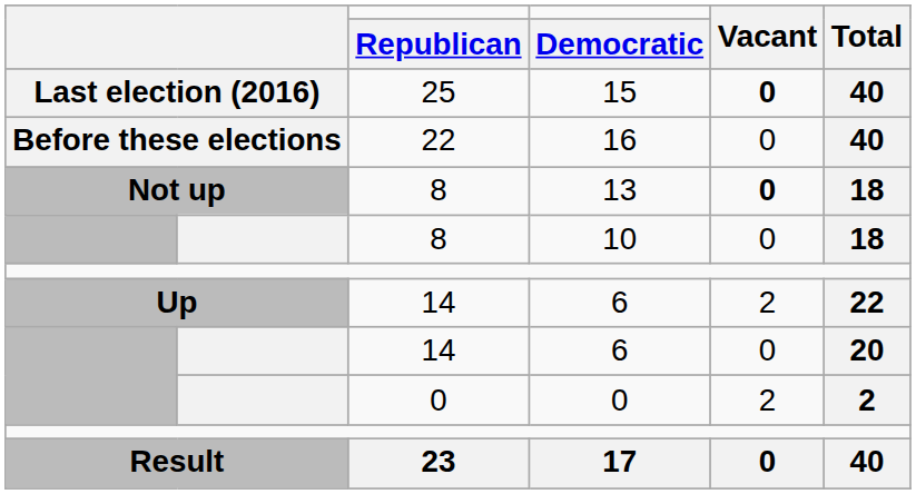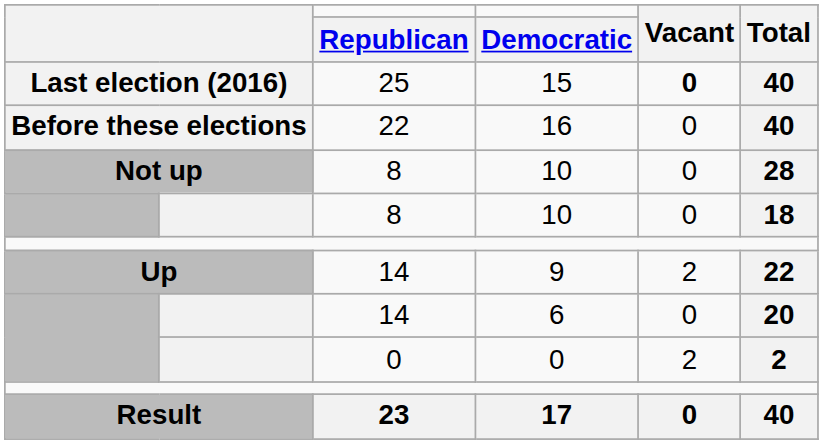 <table class="wikitable" style=text-align:center>
 <tr>
 <th colspan="2" rowspan="2"></th>
 <td style="background-color:"></td>
 <td style="background-color:"></td>
 <th rowspan="2">Vacant</th>
 <th rowspan="2">Total</th>
 </tr>
 <tr>
 <th><a href='#'>Republican</a></th>
 <th><a href='#'>Democratic</a></th>
 </tr>
 <tr>
 <th colspan="2">Last election (2016)</th>
 <td>25</td>
 <td>15</td>
 <td><strong>0</strong></td>
 <th>40</th>
 </tr>
 <tr>
 <th colspan="2">Before these elections</th>
 <td>22</td>
 <td>16</td>
 <td>0</td>
 <th>40</th>
 </tr>
 <tr>
 <th colspan=2 style="background:#bbb">Not up</th>
 <td>8</td>
-<td>13</td>
-<td><strong>0</strong></td>
-<th>18</th>
+<td>10</td>
+<td>0</td>
+<th>28</th>
 </tr>
 <tr>
 <th style="background:#bbb"></th>
 <th></th>
 <td>8</td>
 <td>10</td>
 <td>0</td>
 <th>18</th>
 </tr>
 <tr>
 <td colspan="6"></td>
 </tr>
 <tr>
 <th colspan="2" style="background:#bbb">Up</th>
 <td>14</td>
-<td>6</td>
+<td>9</td>
 <td>2</td>
 <th>22</th>
 </tr>
 <tr>
 <th rowspan="2" style="background:#bbb"></th>
 <th></th>
 <td>14</td>
 <td>6</td>
 <td>0</td>
 <th>20</th>
 </tr>
 <tr>
 <th></th>
 <td>0</td>
 <td>0</td>
 <td>2</td>
 <th>2</th>
 </tr>
 <tr>
 <td colspan="6"></td>
 </tr>
 <tr>
 <th colspan=2 style="background:#bbb">Result</th>
 <th>23</th>
 <th>17</th>
 <th>0</th>
 <th>40</th>
 </tr>
 </table>
